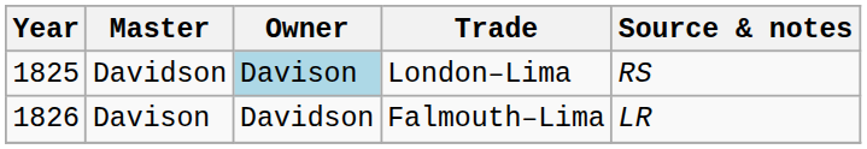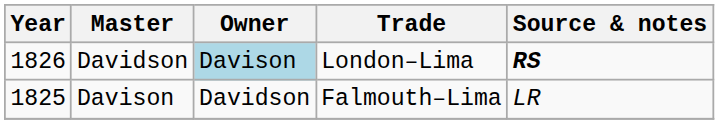 <table class=" wikitable">
 <tr>
 <th>Year</th>
 <th>Master</th>
 <th>Owner</th>
 <th>Trade</th>
 <th>Source & notes</th>
 </tr>
 <tr>
-<td>1825</td>
+<td>1826</td>
 <td>Davidson</td>
 <td style="background: lightblue;">Davison</td>
 <td>London–Lima</td>
-<td><em>RS</em></td>
+<td><strong><em>RS</em></strong></td>
 </tr>
 <tr>
-<td>1826</td>
+<td>1825</td>
 <td>Davison</td>
 <td>Davidson</td>
 <td>Falmouth–Lima</td>
 <td><em>LR</em></td>
 </tr>
 <tr>
 </tr>
 </table>
